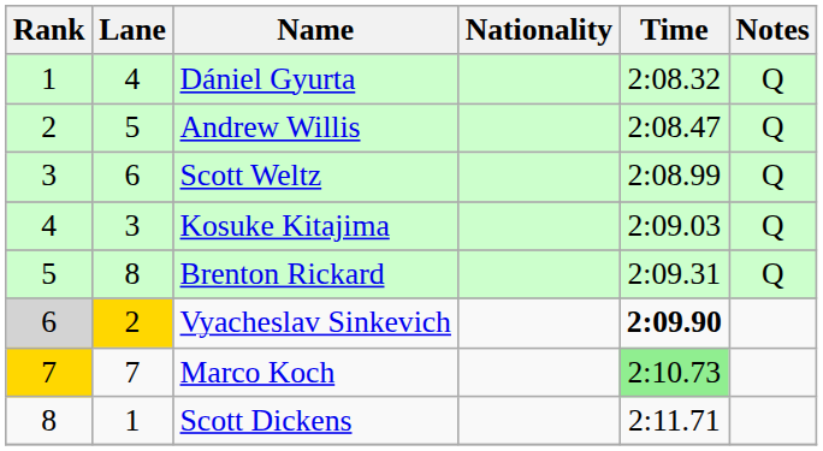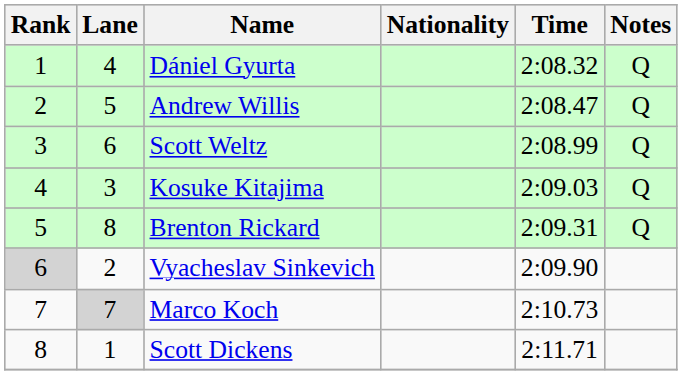 <table class="wikitable sortable" style="text-align:center">
 <tr>
 <th>Rank</th>
 <th>Lane</th>
 <th>Name</th>
 <th>Nationality</th>
 <th>Time</th>
 <th>Notes</th>
 </tr>
 <tr bgcolor=ccffcc>
 <td>1</td>
 <td>4</td>
 <td align=left><a href='#'>Dániel Gyurta</a></td>
 <td align=left></td>
 <td>2:08.32</td>
 <td>Q</td>
 </tr>
 <tr bgcolor=ccffcc>
 <td>2</td>
 <td>5</td>
 <td align=left><a href='#'>Andrew Willis</a></td>
 <td align=left></td>
 <td>2:08.47</td>
 <td>Q</td>
 </tr>
 <tr bgcolor=ccffcc>
 <td>3</td>
 <td>6</td>
 <td align=left><a href='#'>Scott Weltz</a></td>
 <td align=left></td>
 <td>2:08.99</td>
 <td>Q</td>
 </tr>
 <tr bgcolor=ccffcc>
 <td>4</td>
 <td>3</td>
 <td align=left><a href='#'>Kosuke Kitajima</a></td>
 <td align=left></td>
 <td>2:09.03</td>
 <td>Q</td>
 </tr>
 <tr bgcolor=ccffcc>
 <td>5</td>
 <td>8</td>
 <td align=left><a href='#'>Brenton Rickard</a></td>
 <td align=left></td>
 <td>2:09.31</td>
 <td>Q</td>
 </tr>
 <tr>
 <td style="background: lightgrey;">6</td>
-<td style="background: gold;">2</td>
+<td>2</td>
 <td align=left><a href='#'>Vyacheslav Sinkevich</a></td>
 <td align=left></td>
-<td><strong>2:09.90</strong></td>
+<td>2:09.90</td>
 <td></td>
 </tr>
 <tr>
-<td style="background: gold;">7</td>
 <td>7</td>
+<td style="background: lightgrey;">7</td>
 <td align=left><a href='#'>Marco Koch</a></td>
 <td align=left></td>
-<td style="background: lightgreen;">2:10.73</td>
+<td>2:10.73</td>
 <td></td>
 </tr>
 <tr>
 <td>8</td>
 <td>1</td>
 <td align=left><a href='#'>Scott Dickens</a></td>
 <td align=left></td>
 <td>2:11.71</td>
 <td></td>
 </tr>
 <tr>
 </tr>
 </table>
